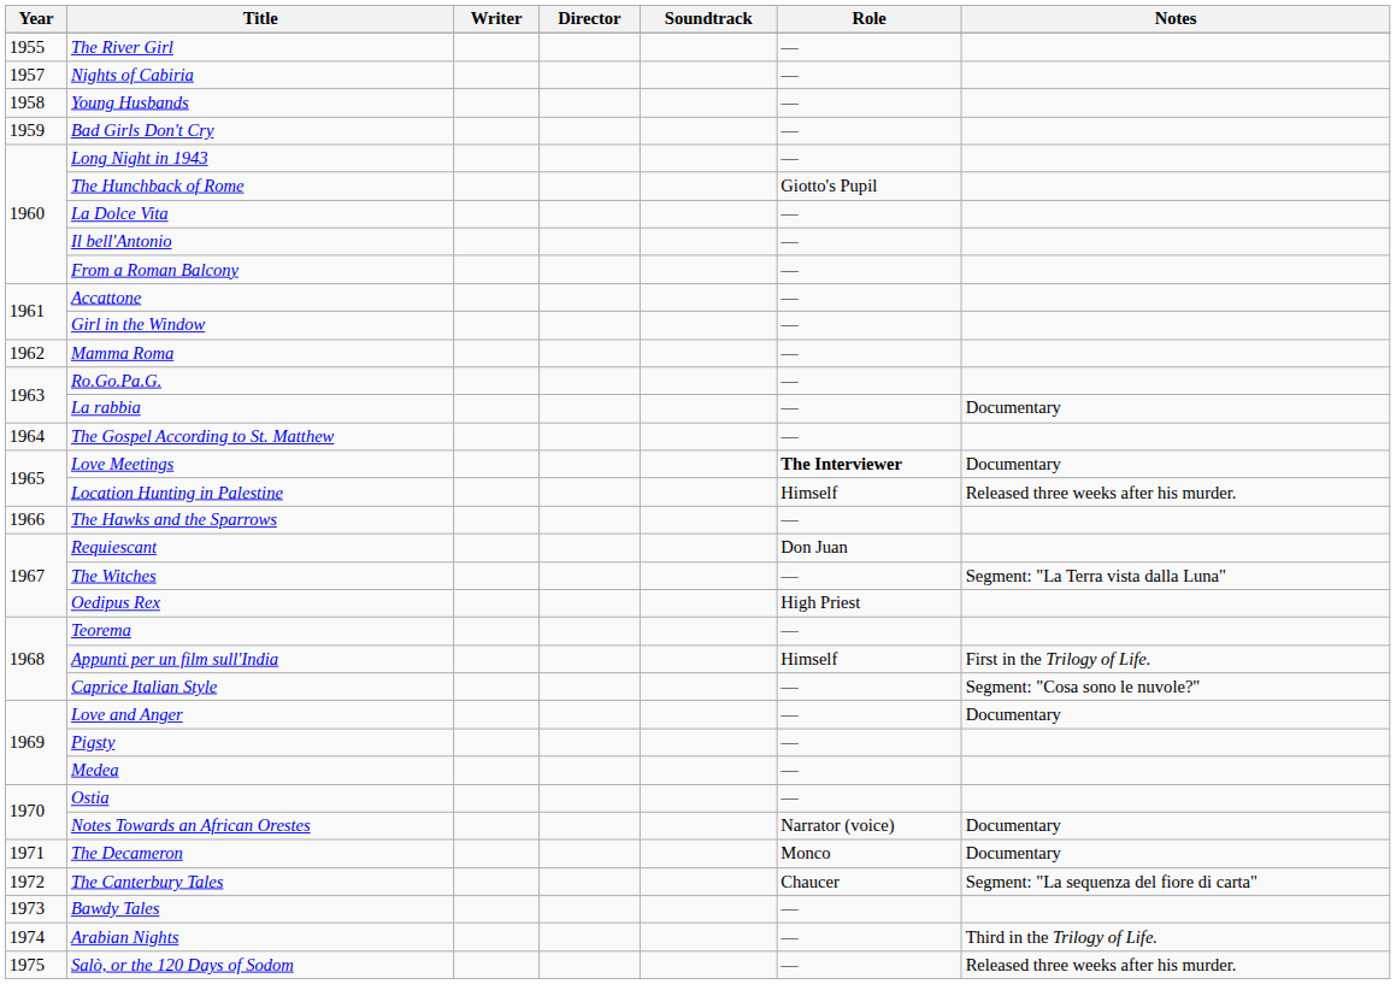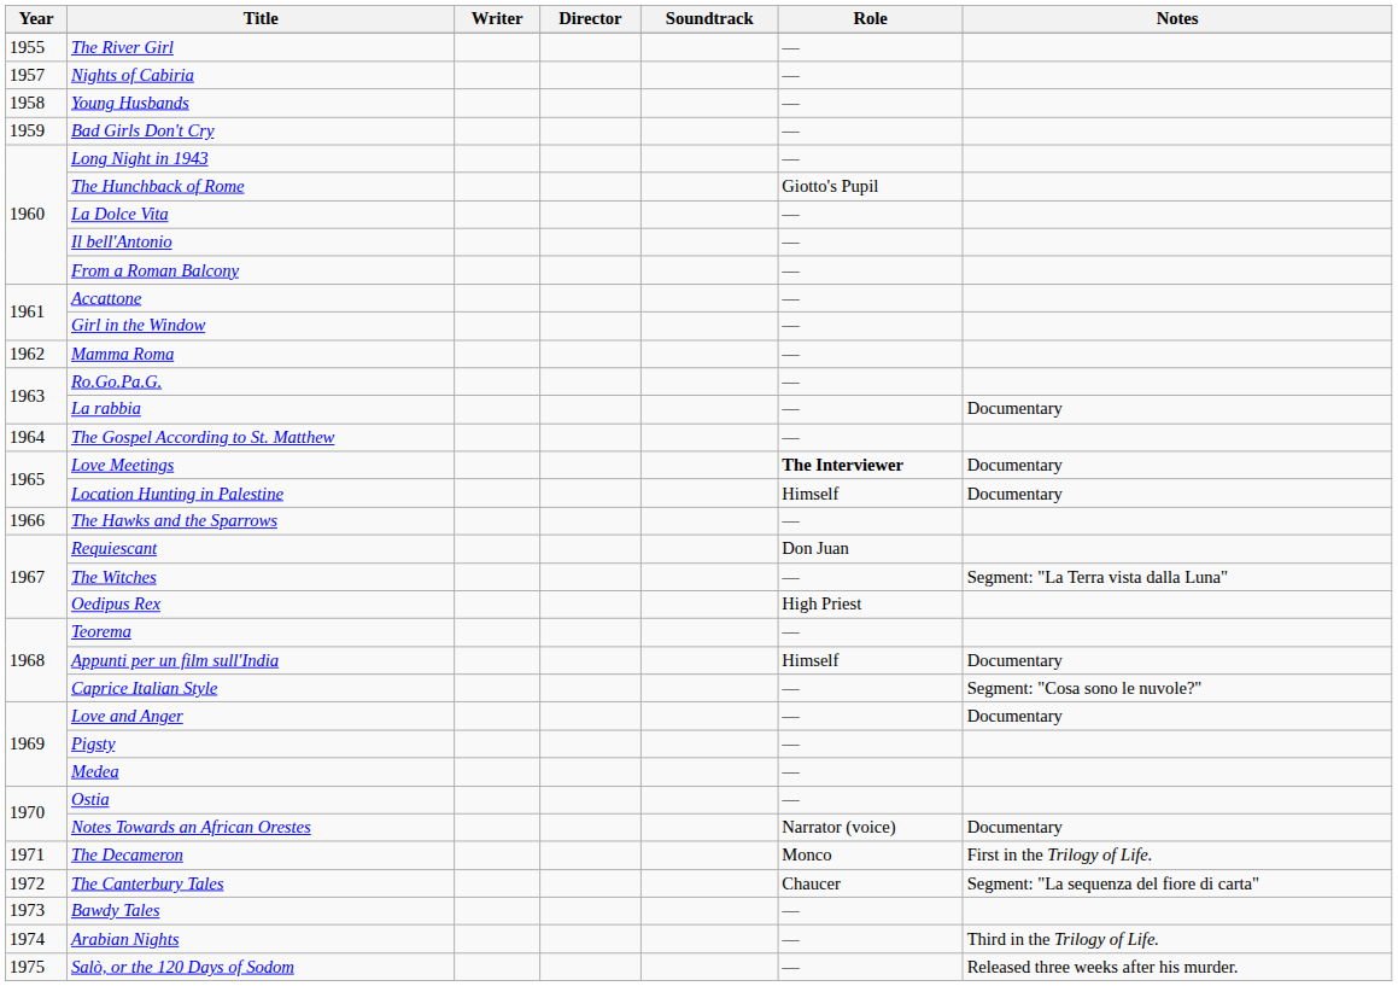 <table class="wikitable plainrowheaders" style="margin-right:auto; margin-right:auto; width:100%;" style="text-align:center;">
 <tr>
 <th scope=col>Year</th>
 <th scope=col>Title</th>
 <th scope=col>Writer</th>
 <th scope=col>Director</th>
 <th scope=col>Soundtrack</th>
 <th scope=col>Role</th>
 <th scope=col>Notes</th>
 </tr>
 <tr>
 </tr>
 <tr>
 </tr>
 <tr>
 <td>1955</td>
 <td><em><a href='#'>The River Girl</a></em></td>
 <td></td>
 <td></td>
 <td></td>
 <td>—</td>
 <td></td>
 </tr>
 <tr>
 <td>1957</td>
 <td><em><a href='#'>Nights of Cabiria</a></em></td>
 <td></td>
 <td></td>
 <td></td>
 <td>—</td>
 <td></td>
 </tr>
 <tr>
 <td>1958</td>
 <td><em><a href='#'>Young Husbands</a></em></td>
 <td></td>
 <td></td>
 <td></td>
 <td>—</td>
 <td></td>
 </tr>
 <tr>
 <td>1959</td>
 <td><em><a href='#'>Bad Girls Don't Cry</a></em></td>
 <td></td>
 <td></td>
 <td></td>
 <td>—</td>
 <td></td>
 </tr>
 <tr>
 <td rowspan="5">1960</td>
 <td><em><a href='#'>Long Night in 1943</a></em></td>
 <td></td>
 <td></td>
 <td></td>
 <td>—</td>
 <td></td>
 </tr>
 <tr>
 <td><em><a href='#'>The Hunchback of Rome</a></em></td>
 <td></td>
 <td></td>
 <td></td>
 <td>Giotto's Pupil</td>
 <td></td>
 </tr>
 <tr>
 <td><em><a href='#'>La Dolce Vita</a></em></td>
 <td></td>
 <td></td>
 <td></td>
 <td>—</td>
 <td></td>
 </tr>
 <tr>
 <td><em><a href='#'>Il bell'Antonio</a></em></td>
 <td></td>
 <td></td>
 <td></td>
 <td>—</td>
 <td></td>
 </tr>
 <tr>
 <td><em><a href='#'>From a Roman Balcony</a></em></td>
 <td></td>
 <td></td>
 <td></td>
 <td>—</td>
 <td></td>
 </tr>
 <tr>
 <td rowspan="2">1961</td>
 <td><em><a href='#'>Accattone</a></em></td>
 <td></td>
 <td></td>
 <td></td>
 <td>—</td>
 <td></td>
 </tr>
 <tr>
 <td><em><a href='#'>Girl in the Window</a></em></td>
 <td></td>
 <td></td>
 <td></td>
 <td>—</td>
 <td></td>
 </tr>
 <tr>
 <td>1962</td>
 <td><em><a href='#'>Mamma Roma</a></em></td>
 <td></td>
 <td></td>
 <td></td>
 <td>—</td>
 <td></td>
 </tr>
 <tr>
 <td rowspan="2">1963</td>
 <td><em><a href='#'>Ro.Go.Pa.G.</a></em></td>
 <td></td>
 <td></td>
 <td></td>
 <td>—</td>
 <td></td>
 </tr>
 <tr>
 <td><em><a href='#'>La rabbia</a></em></td>
 <td></td>
 <td></td>
 <td></td>
 <td>—</td>
 <td>Documentary</td>
 </tr>
 <tr>
 <td>1964</td>
 <td><em><a href='#'>The Gospel According to St. Matthew</a></em></td>
 <td></td>
 <td></td>
 <td></td>
 <td>—</td>
 <td></td>
 </tr>
 <tr>
 <td rowspan="2">1965</td>
 <td><em><a href='#'>Love Meetings</a></em></td>
 <td></td>
 <td></td>
 <td></td>
 <td><strong>The Interviewer</strong></td>
 <td>Documentary</td>
 </tr>
 <tr>
 <td><em><a href='#'>Location Hunting in Palestine</a></em></td>
 <td></td>
 <td></td>
 <td></td>
 <td>Himself</td>
-<td>Released three weeks after his murder.</td>
+<td>Documentary</td>
 </tr>
 <tr>
 <td>1966</td>
 <td><em><a href='#'>The Hawks and the Sparrows</a></em></td>
 <td></td>
 <td></td>
 <td></td>
 <td>—</td>
 <td></td>
 </tr>
 <tr>
 <td rowspan="3">1967</td>
 <td><em><a href='#'>Requiescant</a></em></td>
 <td></td>
 <td></td>
 <td></td>
 <td>Don Juan</td>
 <td></td>
 </tr>
 <tr>
 <td><em><a href='#'>The Witches</a></em></td>
 <td></td>
 <td></td>
 <td></td>
 <td>—</td>
 <td>Segment: "La Terra vista dalla Luna"</td>
 </tr>
 <tr>
 <td><em><a href='#'>Oedipus Rex</a></em></td>
 <td></td>
 <td></td>
 <td></td>
 <td>High Priest</td>
 <td></td>
 </tr>
 <tr>
 <td rowspan="3">1968</td>
 <td><em><a href='#'>Teorema</a></em></td>
 <td></td>
 <td></td>
 <td></td>
 <td>—</td>
 <td></td>
 </tr>
 <tr>
 <td><em><a href='#'>Appunti per un film sull'India</a></em></td>
 <td></td>
 <td></td>
 <td></td>
 <td>Himself</td>
-<td>First in the <em>Trilogy of Life.</em></td>
+<td>Documentary</td>
 </tr>
 <tr>
 <td><em><a href='#'>Caprice Italian Style</a></em></td>
 <td></td>
 <td></td>
 <td></td>
 <td>—</td>
 <td>Segment: "Cosa sono le nuvole?"</td>
 </tr>
 <tr>
 <td rowspan="3">1969</td>
 <td><em><a href='#'>Love and Anger</a></em></td>
 <td></td>
 <td></td>
 <td></td>
 <td>—</td>
 <td>Documentary</td>
 </tr>
 <tr>
 <td><em><a href='#'>Pigsty</a></em></td>
 <td></td>
 <td></td>
 <td></td>
 <td>—</td>
 <td></td>
 </tr>
 <tr>
 <td><em><a href='#'>Medea</a></em></td>
 <td></td>
 <td></td>
 <td></td>
 <td>—</td>
 <td></td>
 </tr>
 <tr>
 <td rowspan="2">1970</td>
 <td><em><a href='#'>Ostia</a></em></td>
 <td></td>
 <td></td>
 <td></td>
 <td>—</td>
 <td></td>
 </tr>
 <tr>
 <td><em><a href='#'>Notes Towards an African Orestes</a></em></td>
 <td></td>
 <td></td>
 <td></td>
 <td>Narrator (voice)</td>
 <td>Documentary</td>
 </tr>
 <tr>
 <td>1971</td>
 <td><em><a href='#'>The Decameron</a></em></td>
 <td></td>
 <td></td>
 <td></td>
 <td>Monco</td>
-<td>Documentary</td>
+<td>First in the <em>Trilogy of Life.</em></td>
 </tr>
 <tr>
 <td>1972</td>
 <td><em><a href='#'>The Canterbury Tales</a></em></td>
 <td></td>
 <td></td>
 <td></td>
 <td>Chaucer</td>
 <td>Segment: "La sequenza del fiore di carta"</td>
 </tr>
 <tr>
 <td>1973</td>
 <td><em><a href='#'>Bawdy Tales</a></em></td>
 <td></td>
 <td></td>
 <td></td>
 <td>—</td>
 <td></td>
 </tr>
 <tr>
 <td>1974</td>
 <td><em><a href='#'>Arabian Nights</a></em></td>
 <td></td>
 <td></td>
 <td></td>
 <td>—</td>
 <td>Third in the <em>Trilogy of Life.</em></td>
 </tr>
 <tr>
 <td>1975</td>
 <td><em><a href='#'>Salò, or the 120 Days of Sodom</a></em></td>
 <td></td>
 <td></td>
 <td></td>
 <td>—</td>
 <td>Released three weeks after his murder.</td>
 </tr>
 </table>
